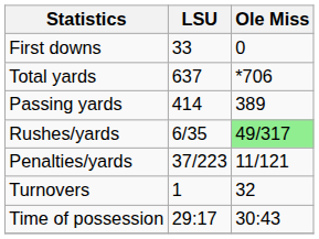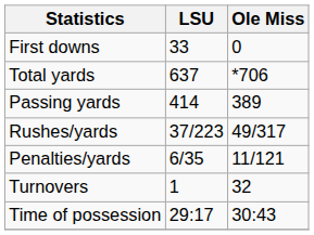 <table class="wikitable" style="float: left;">
 <tr>
 <th>Statistics</th>
 <th>LSU</th>
 <th>Ole Miss</th>
 </tr>
 <tr>
 <td>First downs</td>
 <td>33</td>
 <td>0</td>
 </tr>
 <tr>
 <td>Total yards</td>
 <td>637</td>
 <td>*706</td>
 </tr>
 <tr>
 <td>Passing yards</td>
 <td>414</td>
 <td>389</td>
 </tr>
 <tr>
 <td>Rushes/yards</td>
-<td>6/35</td>
-<td style="background: lightgreen;">49/317</td>
+<td>37/223</td>
+<td>49/317</td>
 </tr>
 <tr>
 <td>Penalties/yards</td>
-<td>37/223</td>
+<td>6/35</td>
 <td>11/121</td>
 </tr>
 <tr>
 <td>Turnovers</td>
 <td>1</td>
 <td>32</td>
 </tr>
 <tr>
 <td>Time of possession</td>
 <td>29:17</td>
 <td>30:43</td>
 </tr>
 <tr>
 </tr>
 </table>
